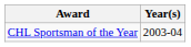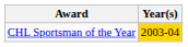 <table class="wikitable">
 <tr>
 <th>Award</th>
 <th>Year(s)</th>
 </tr>
 <tr>
 <td><a href='#'>CHL Sportsman of the Year</a></td>
-<td>2003-04</td>
+<td style="background: gold;">2003-04</td>
 </tr>
 </table>
